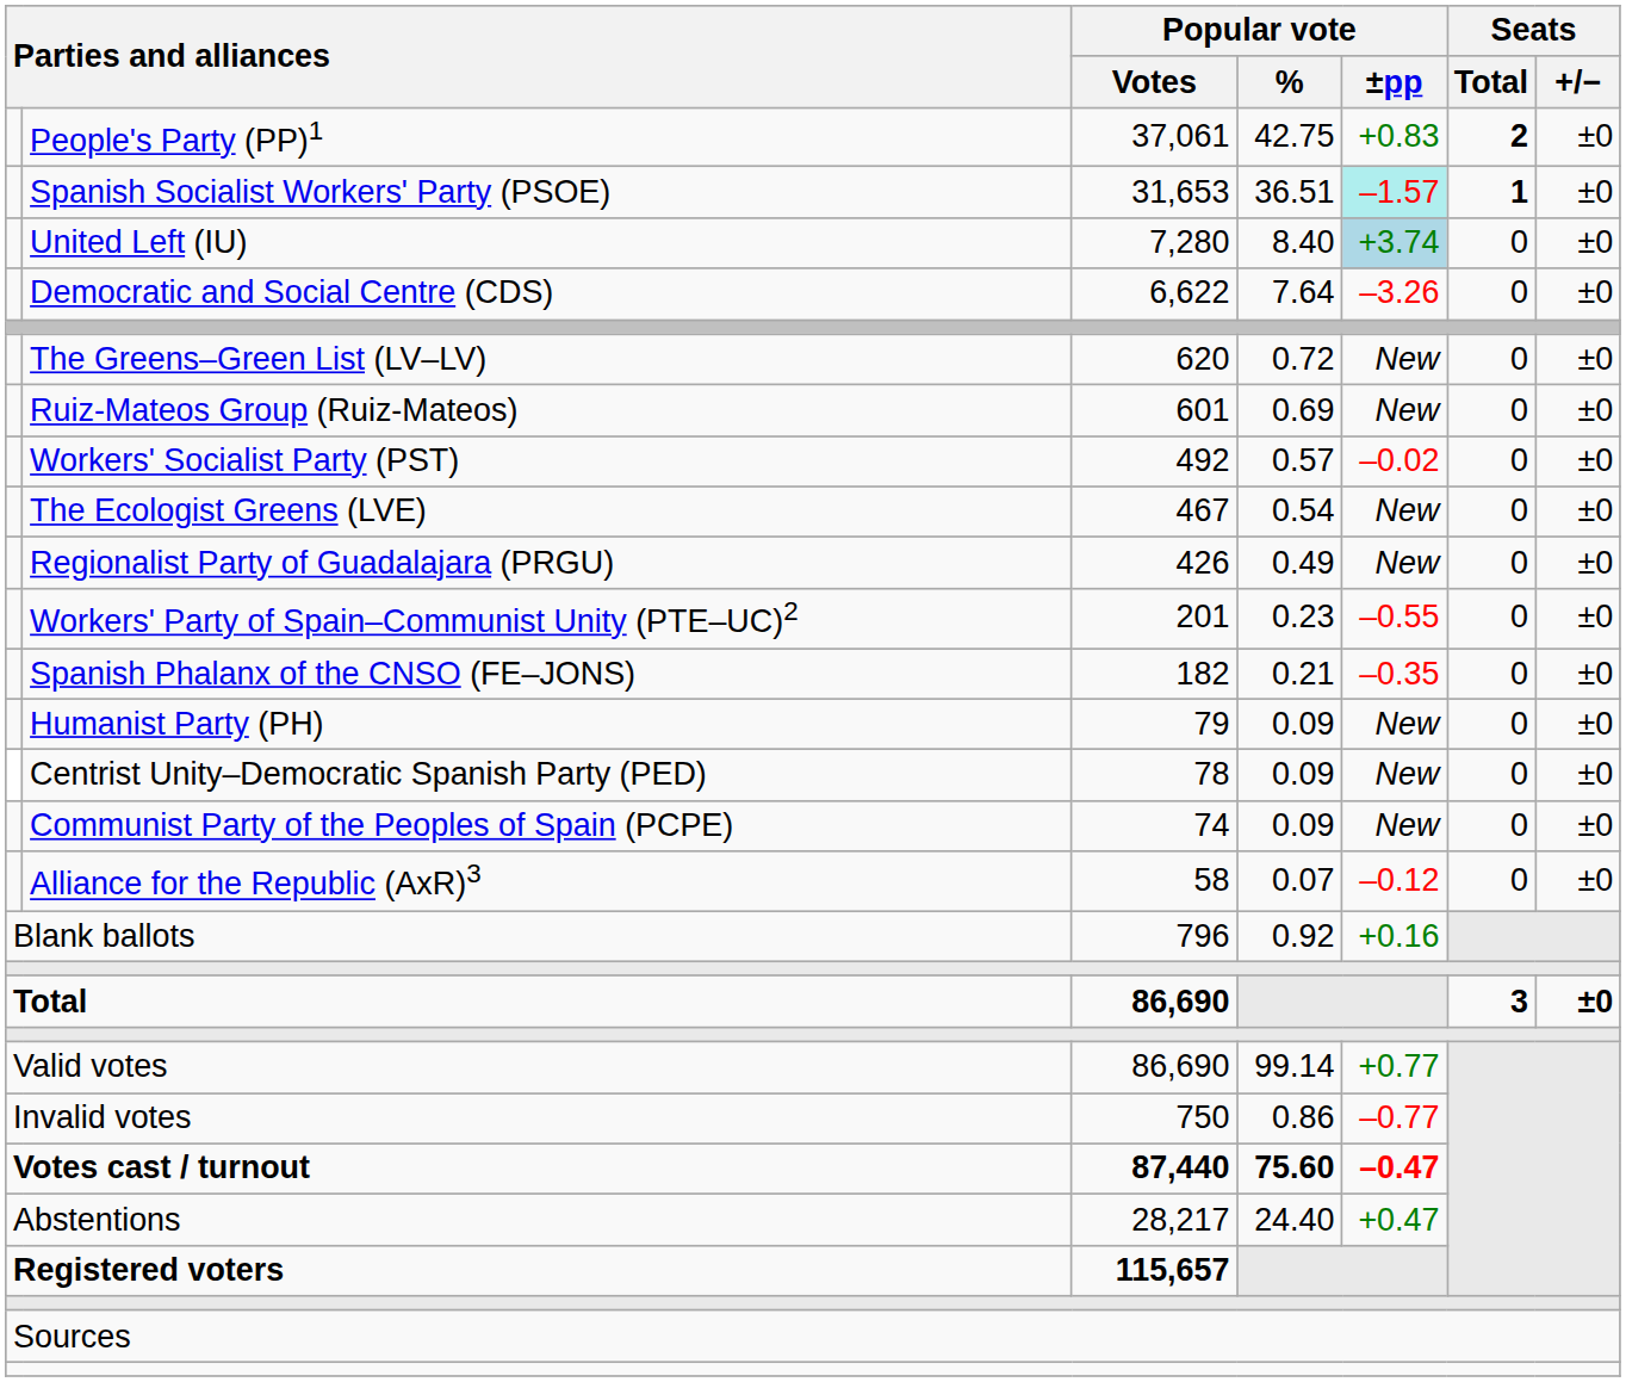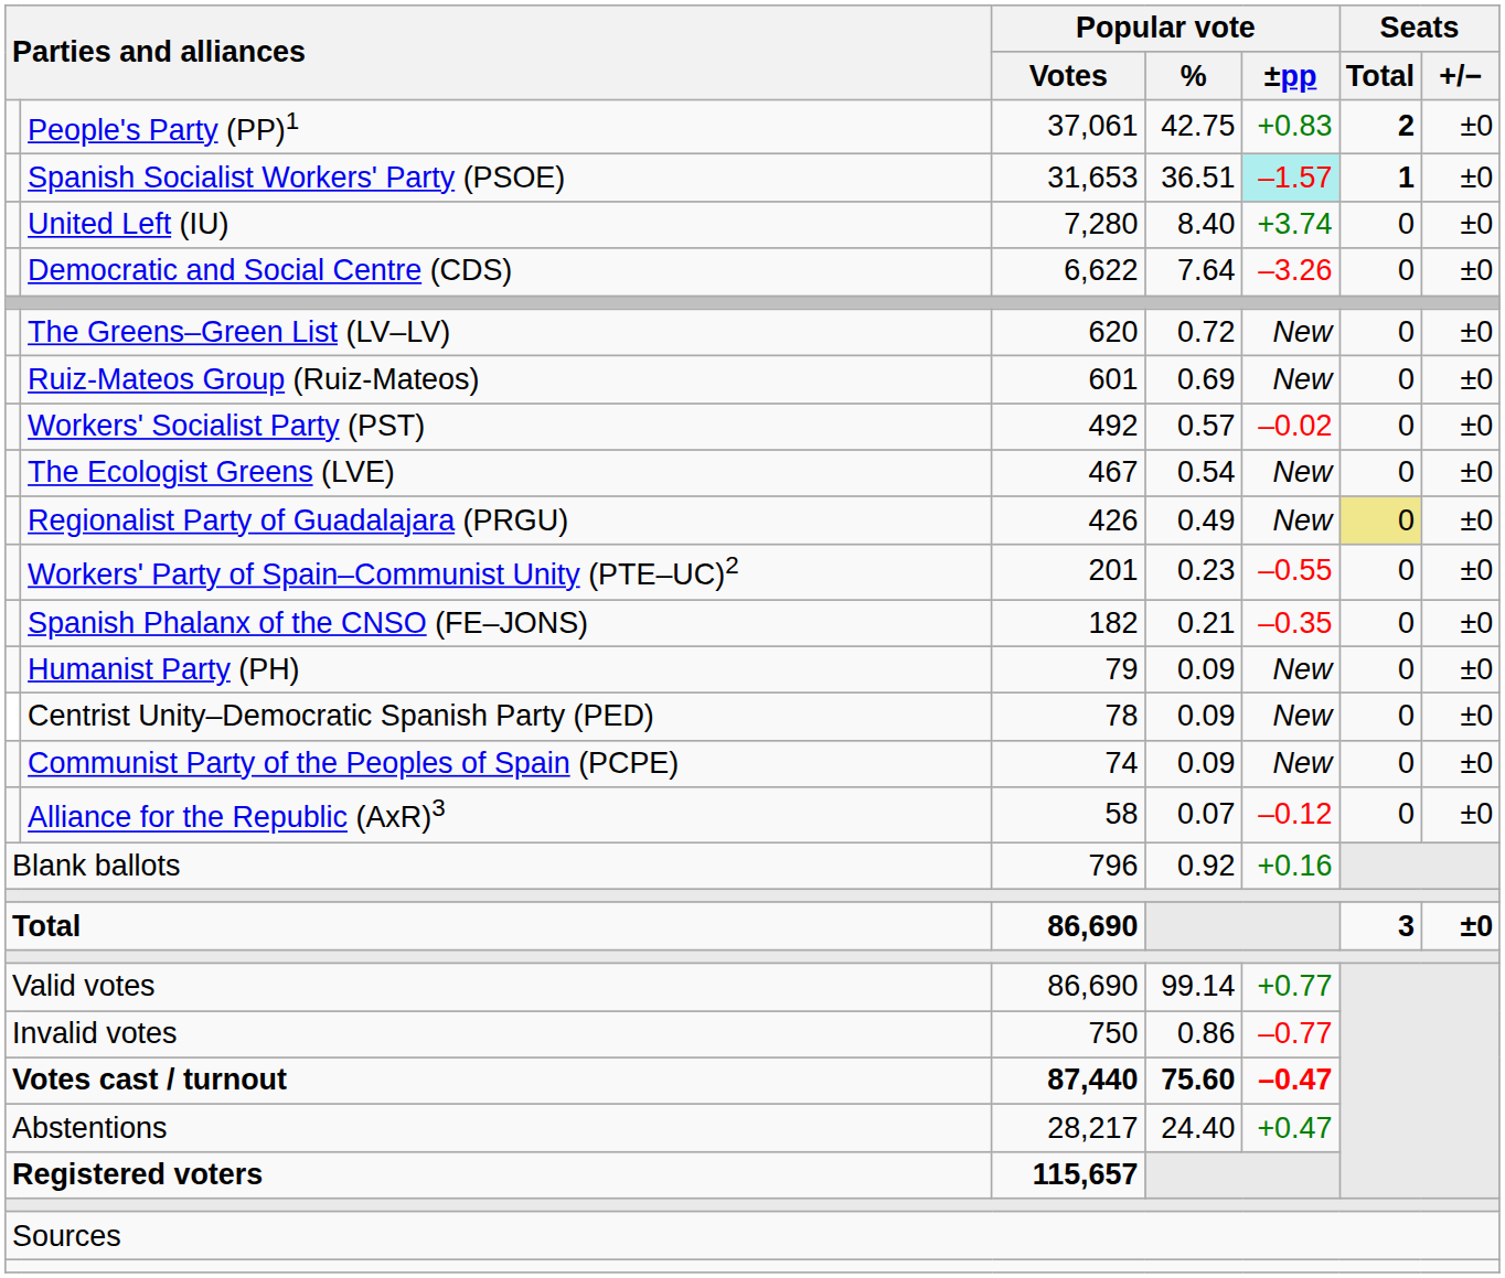 <table class="wikitable" style="text-align:right;">
 <tr>
 <th style="text-align:left;" rowspan="2" colspan="2" width="525">Parties and alliances</th>
 <th colspan="3">Popular vote</th>
 <th colspan="2">Seats</th>
 </tr>
 <tr>
 <th width="75">Votes</th>
 <th width="45">%</th>
 <th width="45">±<a href='#'>pp</a></th>
 <th width="35">Total</th>
 <th width="35">+/−</th>
 </tr>
 <tr>
 <td width="1" style="color:inherit;background:"></td>
 <td align="left"><a href='#'>People's Party</a> (PP)<sup>1</sup></td>
 <td>37,061</td>
 <td>42.75</td>
 <td style="color:green;">+0.83</td>
 <td><strong>2</strong></td>
 <td>±0</td>
 </tr>
 <tr>
 <td style="color:inherit;background:"></td>
 <td align="left"><a href='#'>Spanish Socialist Workers' Party</a> (PSOE)</td>
 <td>31,653</td>
 <td>36.51</td>
 <td style="background: paleturquoise; color:red;">–1.57</td>
 <td><strong>1</strong></td>
 <td>±0</td>
 </tr>
 <tr>
 <td style="color:inherit;background:"></td>
 <td align="left"><a href='#'>United Left</a> (IU)</td>
 <td>7,280</td>
 <td>8.40</td>
-<td style="background: lightblue; color:green;">+3.74</td>
+<td style="color:green;">+3.74</td>
 <td>0</td>
 <td>±0</td>
 </tr>
 <tr>
 <td style="color:inherit;background:"></td>
 <td align="left"><a href='#'>Democratic and Social Centre</a> (CDS)</td>
 <td>6,622</td>
 <td>7.64</td>
 <td style="color:red;">–3.26</td>
 <td>0</td>
 <td>±0</td>
 </tr>
 <tr>
 <td colspan="7" bgcolor="#C0C0C0"></td>
 </tr>
 <tr>
 <td style="color:inherit;background:"></td>
 <td align="left"><a href='#'>The Greens–Green List</a> (LV–LV)</td>
 <td>620</td>
 <td>0.72</td>
 <td><em>New</em></td>
 <td>0</td>
 <td>±0</td>
 </tr>
 <tr>
 <td style="color:inherit;background:"></td>
 <td align="left"><a href='#'>Ruiz-Mateos Group</a> (Ruiz-Mateos)</td>
 <td>601</td>
 <td>0.69</td>
 <td><em>New</em></td>
 <td>0</td>
 <td>±0</td>
 </tr>
 <tr>
 <td style="color:inherit;background:"></td>
 <td align="left"><a href='#'>Workers' Socialist Party</a> (PST)</td>
 <td>492</td>
 <td>0.57</td>
 <td style="color:red;">–0.02</td>
 <td>0</td>
 <td>±0</td>
 </tr>
 <tr>
 <td style="color:inherit;background:"></td>
 <td align="left"><a href='#'>The Ecologist Greens</a> (LVE)</td>
 <td>467</td>
 <td>0.54</td>
 <td><em>New</em></td>
 <td>0</td>
 <td>±0</td>
 </tr>
 <tr>
 <td style="color:inherit;background:"></td>
 <td align="left"><a href='#'>Regionalist Party of Guadalajara</a> (PRGU)</td>
 <td>426</td>
 <td>0.49</td>
 <td><em>New</em></td>
-<td>0</td>
+<td style="background: khaki;">0</td>
 <td>±0</td>
 </tr>
 <tr>
 <td style="color:inherit;background:"></td>
 <td align="left"><a href='#'>Workers' Party of Spain–Communist Unity</a> (PTE–UC)<sup>2</sup></td>
 <td>201</td>
 <td>0.23</td>
 <td style="color:red;">–0.55</td>
 <td>0</td>
 <td>±0</td>
 </tr>
 <tr>
 <td style="color:inherit;background:"></td>
 <td align="left"><a href='#'>Spanish Phalanx of the CNSO</a> (FE–JONS)</td>
 <td>182</td>
 <td>0.21</td>
 <td style="color:red;">–0.35</td>
 <td>0</td>
 <td>±0</td>
 </tr>
 <tr>
 <td style="color:inherit;background:"></td>
 <td align="left"><a href='#'>Humanist Party</a> (PH)</td>
 <td>79</td>
 <td>0.09</td>
 <td><em>New</em></td>
 <td>0</td>
 <td>±0</td>
 </tr>
 <tr>
 <td bgcolor="white"></td>
 <td align="left">Centrist Unity–Democratic Spanish Party (PED)</td>
 <td>78</td>
 <td>0.09</td>
 <td><em>New</em></td>
 <td>0</td>
 <td>±0</td>
 </tr>
 <tr>
 <td style="color:inherit;background:"></td>
 <td align="left"><a href='#'>Communist Party of the Peoples of Spain</a> (PCPE)</td>
 <td>74</td>
 <td>0.09</td>
 <td><em>New</em></td>
 <td>0</td>
 <td>±0</td>
 </tr>
 <tr>
 <td style="color:inherit;background:"></td>
 <td align="left"><a href='#'>Alliance for the Republic</a> (AxR)<sup>3</sup></td>
 <td>58</td>
 <td>0.07</td>
 <td style="color:red;">–0.12</td>
 <td>0</td>
 <td>±0</td>
 </tr>
 <tr>
 <td align="left" colspan="2">Blank ballots</td>
 <td>796</td>
 <td>0.92</td>
 <td style="color:green;">+0.16</td>
 <td bgcolor="#E9E9E9" colspan="2"></td>
 </tr>
 <tr>
 <td colspan="7" bgcolor="#E9E9E9"></td>
 </tr>
 <tr style="font-weight:bold;">
 <td align="left" colspan="2">Total</td>
 <td>86,690</td>
 <td bgcolor="#E9E9E9" colspan="2"></td>
 <td>3</td>
 <td>±0</td>
 </tr>
 <tr>
 <td colspan="7" bgcolor="#E9E9E9"></td>
 </tr>
 <tr>
 <td align="left" colspan="2">Valid votes</td>
 <td>86,690</td>
 <td>99.14</td>
 <td style="color:green;">+0.77</td>
 <td bgcolor="#E9E9E9" colspan="2" rowspan="5"></td>
 </tr>
 <tr>
 <td align="left" colspan="2">Invalid votes</td>
 <td>750</td>
 <td>0.86</td>
 <td style="color:red;">–0.77</td>
 </tr>
 <tr style="font-weight:bold;">
 <td align="left" colspan="2">Votes cast / turnout</td>
 <td>87,440</td>
 <td>75.60</td>
 <td style="color:red;">–0.47</td>
 </tr>
 <tr>
 <td align="left" colspan="2">Abstentions</td>
 <td>28,217</td>
 <td>24.40</td>
 <td style="color:green;">+0.47</td>
 </tr>
 <tr style="font-weight:bold;">
 <td align="left" colspan="2">Registered voters</td>
 <td>115,657</td>
 <td bgcolor="#E9E9E9" colspan="2"></td>
 </tr>
 <tr>
 <td colspan="7" bgcolor="#E9E9E9"></td>
 </tr>
 <tr>
 <td align="left" colspan="7">Sources</td>
 </tr>
 <tr>
 <td colspan="7" style="text-align:left; max-width:790px;"></td>
 </tr>
 </table>
